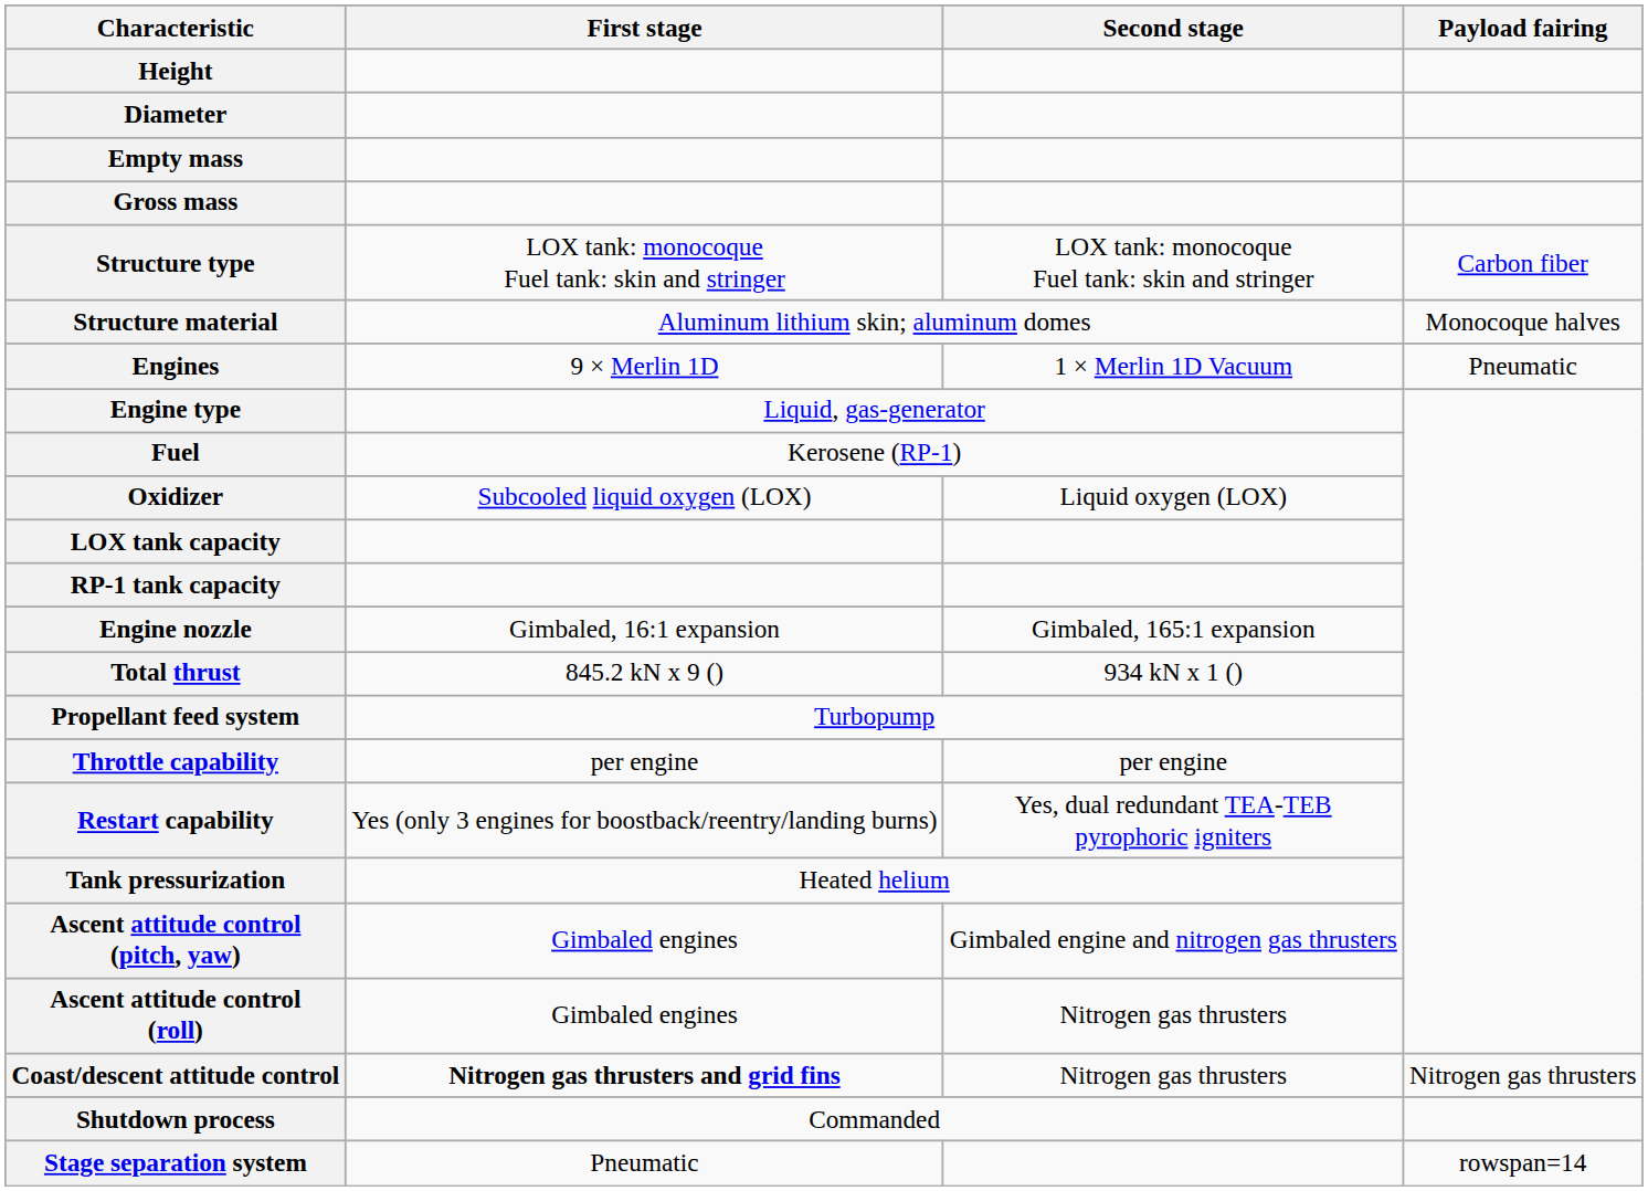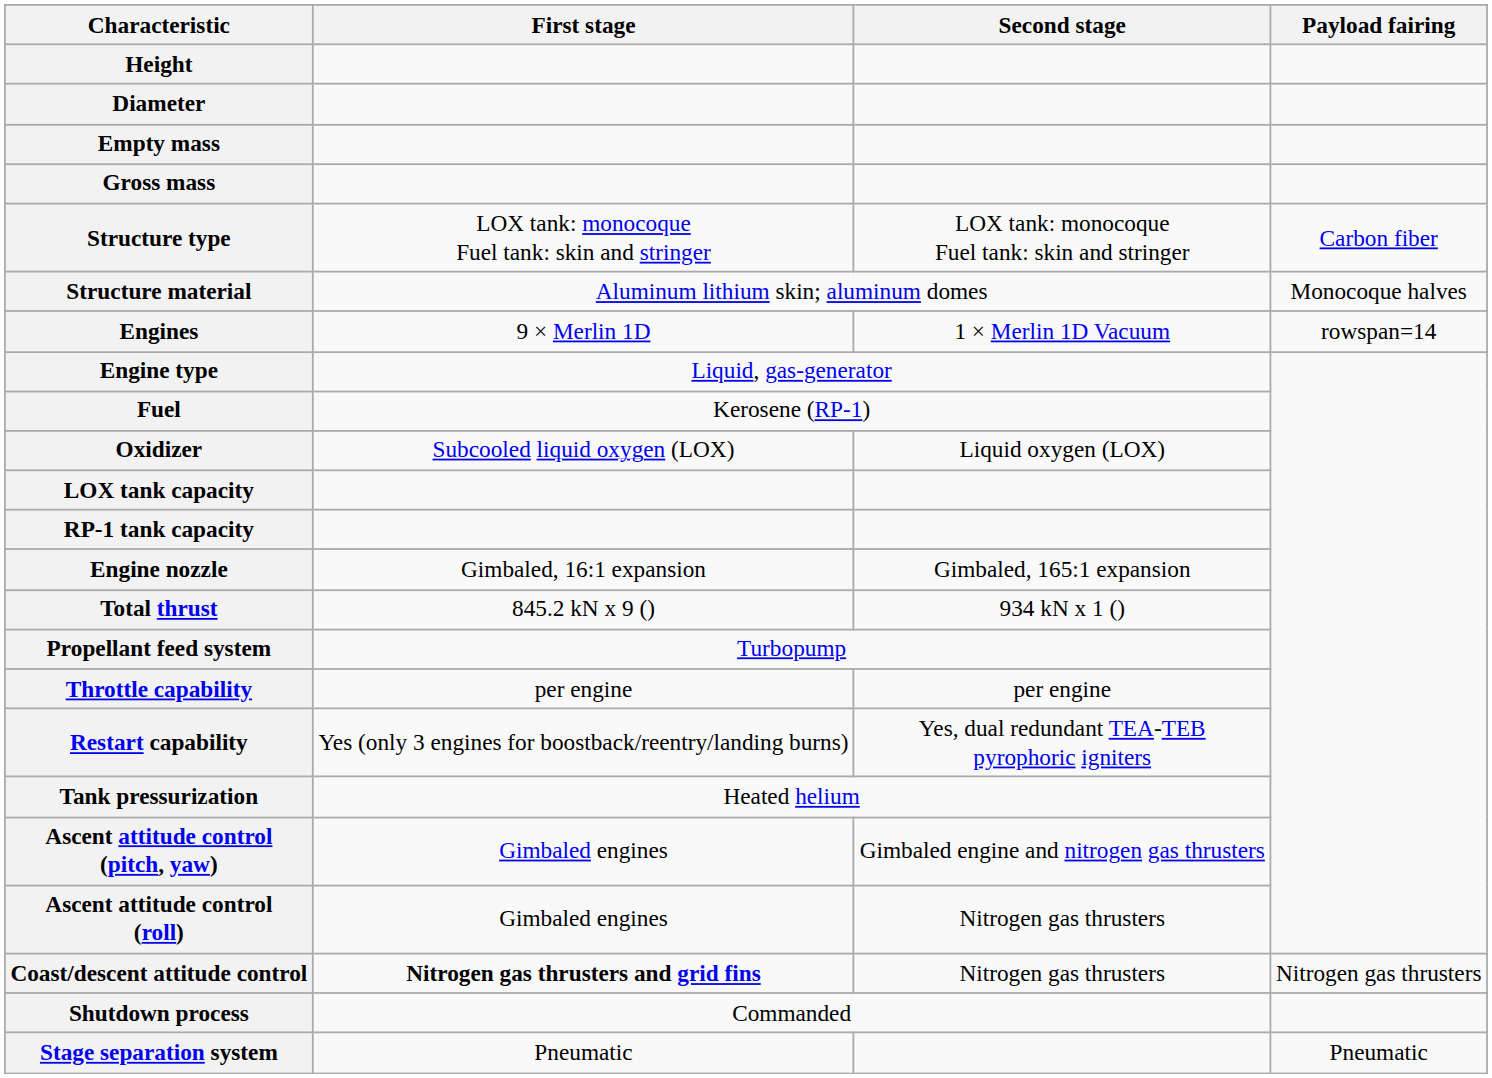 <table class="wikitable" style="font-size:small; text-align:center;">
 <tr>
 <th>Characteristic</th>
 <th>First stage</th>
 <th>Second stage</th>
 <th>Payload fairing</th>
 </tr>
 <tr>
 <th>Height</th>
 <td></td>
 <td></td>
 <td></td>
 </tr>
 <tr>
 <th>Diameter</th>
 <td></td>
 <td></td>
 <td></td>
 </tr>
 <tr>
 <th>Empty mass</th>
 <td></td>
 <td></td>
 <td></td>
 </tr>
 <tr>
 <th>Gross mass</th>
 <td></td>
 <td></td>
 <td></td>
 </tr>
 <tr>
 <th>Structure type</th>
 <td>LOX tank: <a href='#'>monocoque</a><br>Fuel tank: skin and <a href='#'>stringer</a></td>
 <td>LOX tank: monocoque<br>Fuel tank: skin and stringer</td>
 <td><a href='#'>Carbon fiber</a></td>
 </tr>
 <tr>
 <th>Structure material</th>
 <td colspan="2"><a href='#'>Aluminum lithium</a> skin; <a href='#'>aluminum</a> domes</td>
 <td>Monocoque halves</td>
 </tr>
 <tr>
 <th>Engines</th>
 <td>9 × <a href='#'>Merlin 1D</a></td>
 <td>1 × <a href='#'>Merlin 1D Vacuum</a></td>
-<td>Pneumatic</td>
+<td>rowspan=14 </td>
 </tr>
 <tr>
 <th>Engine type</th>
 <td colspan="2"><a href='#'>Liquid</a>, <a href='#'>gas-generator</a></td>
 </tr>
 <tr>
 <th>Fuel</th>
 <td colspan="2">Kerosene (<a href='#'>RP-1</a>)</td>
 </tr>
 <tr>
 <th>Oxidizer</th>
 <td><a href='#'>Subcooled</a> <a href='#'>liquid oxygen</a> (LOX)</td>
 <td>Liquid oxygen (LOX)</td>
 </tr>
 <tr>
 <th>LOX tank capacity</th>
 <td></td>
 <td></td>
 </tr>
 <tr>
 <th>RP-1 tank capacity</th>
 <td></td>
 <td></td>
 </tr>
 <tr>
 <th>Engine nozzle</th>
 <td>Gimbaled, 16:1 expansion</td>
 <td>Gimbaled, 165:1 expansion</td>
 </tr>
 <tr>
 <th>Total <a href='#'>thrust</a></th>
 <td>845.2 kN x 9 ()</td>
 <td>934 kN x 1 ()</td>
 </tr>
 <tr>
 <th>Propellant feed system</th>
 <td colspan="2"><a href='#'>Turbopump</a></td>
 </tr>
 <tr>
 <th><a href='#'>Throttle capability</a></th>
 <td> per engine</td>
 <td> per engine</td>
 </tr>
 <tr>
 <th><a href='#'>Restart</a> capability</th>
 <td>Yes (only 3 engines for boostback/reentry/landing burns)</td>
 <td>Yes, dual redundant <a href='#'>TEA</a>-<a href='#'>TEB</a><br> <a href='#'>pyrophoric</a> <a href='#'>igniters</a></td>
 </tr>
 <tr>
 <th>Tank pressurization</th>
 <td colspan="2">Heated <a href='#'>helium</a></td>
 </tr>
 <tr>
 <th>Ascent <a href='#'>attitude control</a>  <br> (<a href='#'>pitch</a>, <a href='#'>yaw</a>)</th>
 <td><a href='#'>Gimbaled</a> engines</td>
 <td>Gimbaled engine and <a href='#'>nitrogen</a> <a href='#'>gas thrusters</a></td>
 </tr>
 <tr>
 <th>Ascent attitude control<br>(<a href='#'>roll</a>)</th>
 <td>Gimbaled engines</td>
 <td>Nitrogen gas thrusters</td>
 </tr>
 <tr>
 <th>Coast/descent attitude control</th>
 <td><strong>Nitrogen gas thrusters and <a href='#'>grid fins</a></strong></td>
 <td>Nitrogen gas thrusters</td>
 <td>Nitrogen gas thrusters</td>
 </tr>
 <tr>
 <th>Shutdown process</th>
 <td colspan="2">Commanded</td>
 <td></td>
 </tr>
 <tr>
 <th><a href='#'>Stage separation</a> system</th>
 <td>Pneumatic</td>
 <td></td>
-<td>rowspan=14 </td>
+<td>Pneumatic</td>
 </tr>
 </table>
